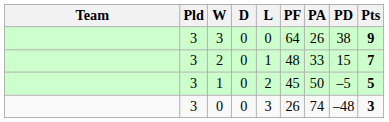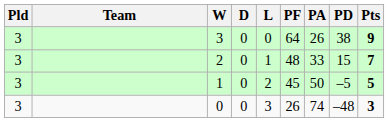 <table class="wikitable" style="text-align:center;">
 <tr>
+<th width="20" abbr="Played">Pld</th>
 <th width="190">Team</th>
-<th width="20" abbr="Played">Pld</th>
 <th width="20" abbr="Won">W</th>
 <th width="20" abbr="Drawn">D</th>
 <th width="20" abbr="Lost">L</th>
 <th width="20" abbr="Points for">PF</th>
 <th width="20" abbr="Points against">PA</th>
 <th width="25" abbr="Points difference">PD</th>
 <th width="20" abbr="Points">Pts</th>
 </tr>
 <tr style="background:#ccffcc">
+<td>3</td>
 <td align="left"></td>
-<td>3</td>
 <td>3</td>
 <td>0</td>
 <td>0</td>
 <td>64</td>
 <td>26</td>
 <td>38</td>
 <td><strong>9</strong></td>
 </tr>
 <tr style="background:#ccffcc">
+<td>3</td>
 <td align="left"></td>
-<td>3</td>
 <td>2</td>
 <td>0</td>
 <td>1</td>
 <td>48</td>
 <td>33</td>
 <td>15</td>
 <td><strong>7</strong></td>
 </tr>
 <tr style="background:#ccffcc">
+<td>3</td>
 <td align="left"></td>
-<td>3</td>
 <td>1</td>
 <td>0</td>
 <td>2</td>
 <td>45</td>
 <td>50</td>
 <td>–5</td>
 <td><strong>5</strong></td>
 </tr>
 <tr>
+<td>3</td>
 <td align="left"></td>
-<td>3</td>
 <td>0</td>
 <td>0</td>
 <td>3</td>
 <td>26</td>
 <td>74</td>
 <td>–48</td>
 <td><strong>3</strong></td>
 </tr>
 </table>
